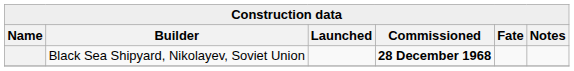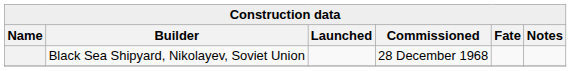 <table class="wikitable plainrowheaders">
 <tr>
 <th colspan="6" style="background:#eee;" align="center">Construction data</th>
 </tr>
 <tr>
 <th scope="col">Name</th>
 <th scope="col">Builder</th>
 <th scope="col">Launched</th>
 <th scope="col">Commissioned</th>
 <th scope="col">Fate</th>
 <th scope="col">Notes</th>
 </tr>
 <tr>
 <th scope="row"></th>
 <td>Black Sea Shipyard, Nikolayev, Soviet Union</td>
 <td></td>
-<td><strong>28 December 1968</strong></td>
+<td>28 December 1968</td>
 <td></td>
 <td></td>
 </tr>
 <tr>
 </tr>
 </table>
